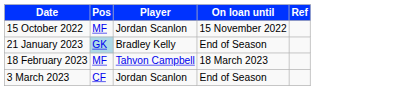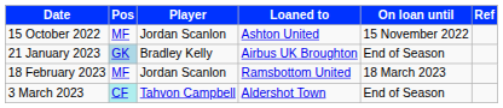 <table class="wikitable plainrowheaders sortable">
 <tr>
 <th style="background:#0033FF; color:#FFFFFF; ">Date</th>
 <th style="background:#0033FF; color:#FFFFFF; ">Pos</th>
 <th style="background:#0033FF; color:#FFFFFF; ">Player</th>
+<th style="background:#0033FF; color:#FFFFFF; ">Loaned to</th>
 <th style="background:#0033FF; color:#FFFFFF; ">On loan until</th>
 <th style="background:#0033FF; color:#FFFFFF; ">Ref</th>
 </tr>
 <tr>
 <td>15 October 2022</td>
 <td><a href='#'>MF</a></td>
 <td> Jordan Scanlon</td>
+<td> <a href='#'>Ashton United</a></td>
 <td>15 November 2022</td>
 <td></td>
 </tr>
 <tr>
 <td>21 January 2023</td>
 <td style="background: lightblue;"><a href='#'>GK</a></td>
 <td> Bradley Kelly</td>
+<td> <a href='#'>Airbus UK Broughton</a></td>
 <td>End of Season</td>
 <td></td>
 </tr>
 <tr>
 <td>18 February 2023</td>
 <td><a href='#'>MF</a></td>
-<td> <a href='#'>Tahvon Campbell</a></td>
+<td> Jordan Scanlon</td>
+<td> <a href='#'>Ramsbottom United</a></td>
 <td>18 March 2023</td>
 <td></td>
 </tr>
 <tr>
 <td>3 March 2023</td>
-<td><a href='#'>CF</a></td>
-<td> Jordan Scanlon</td>
+<td style="background: paleturquoise;"><a href='#'>CF</a></td>
+<td> <a href='#'>Tahvon Campbell</a></td>
+<td> <a href='#'>Aldershot Town</a></td>
 <td>End of Season</td>
 <td></td>
 </tr>
 </table>
